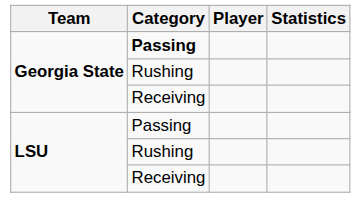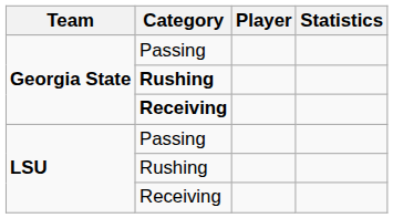 <table class="wikitable" style="float: right;">
 <tr>
 <th>Team</th>
 <th>Category</th>
 <th>Player</th>
 <th>Statistics</th>
 </tr>
 <tr>
 <td rowspan=3><strong>Georgia State</strong></td>
-<td><strong>Passing</strong></td>
+<td>Passing</td>
 <td></td>
 <td></td>
 </tr>
 <tr>
-<td>Rushing</td>
+<td><strong>Rushing</strong></td>
 <td></td>
 <td></td>
 </tr>
 <tr>
-<td>Receiving</td>
+<td><strong>Receiving</strong></td>
 <td></td>
 <td></td>
 </tr>
 <tr>
 <td rowspan=3><strong>LSU</strong></td>
 <td>Passing</td>
 <td></td>
 <td></td>
 </tr>
 <tr>
 <td>Rushing</td>
 <td></td>
 <td></td>
 </tr>
 <tr>
 <td>Receiving</td>
 <td></td>
 <td></td>
 </tr>
 </table>
